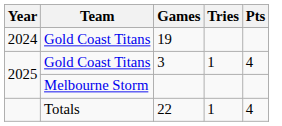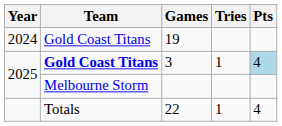 <table class="wikitable">
 <tr>
 <th>Year</th>
 <th>Team</th>
 <th>Games</th>
 <th>Tries</th>
 <th>Pts</th>
 </tr>
 <tr>
 <td>2024</td>
 <td> <a href='#'>Gold Coast Titans</a></td>
 <td>19</td>
 <td></td>
 <td></td>
 </tr>
 <tr>
 <td rowspan="2">2025</td>
-<td> <a href='#'>Gold Coast Titans</a></td>
+<td><strong> <a href='#'>Gold Coast Titans</a></strong></td>
 <td>3</td>
 <td>1</td>
-<td>4</td>
+<td style="background: lightblue;">4</td>
 </tr>
 <tr>
 <td> <a href='#'>Melbourne Storm</a></td>
 <td></td>
 <td></td>
 <td></td>
 </tr>
 <tr>
 <td></td>
 <td>Totals</td>
 <td>22</td>
 <td>1</td>
 <td>4</td>
 </tr>
 </table>
